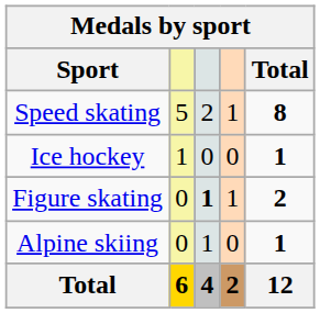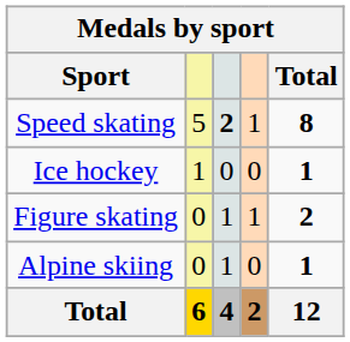 <table class=wikitable style=font-size:85%;float:right;text-align:center>
 <tr>
 <th colspan=5>Medals by sport</th>
 </tr>
 <tr>
 <th>Sport</th>
 <td bgcolor=F7F6A8></td>
 <td bgcolor=DCE5E5></td>
 <td bgcolor=FFDAB9></td>
 <th>Total</th>
 </tr>
 <tr>
 <td><a href='#'>Speed skating</a></td>
 <td bgcolor=F7F6A8>5</td>
-<td bgcolor=DCE5E5>2</td>
+<td bgcolor=DCE5E5><strong>2</strong></td>
 <td bgcolor=FFDAB9>1</td>
 <td><strong>8</strong></td>
 </tr>
 <tr>
 <td><a href='#'>Ice hockey</a></td>
 <td bgcolor=F7F6A8>1</td>
 <td bgcolor=DCE5E5>0</td>
 <td bgcolor=FFDAB9>0</td>
 <td><strong>1</strong></td>
 </tr>
 <tr>
 <td><a href='#'>Figure skating</a></td>
 <td bgcolor=F7F6A8>0</td>
-<td bgcolor=DCE5E5><strong>1</strong></td>
+<td bgcolor=DCE5E5>1</td>
 <td bgcolor=FFDAB9>1</td>
 <td><strong>2</strong></td>
 </tr>
 <tr>
 <td><a href='#'>Alpine skiing</a></td>
 <td bgcolor=F7F6A8>0</td>
 <td bgcolor=DCE5E5>1</td>
 <td bgcolor=FFDAB9>0</td>
 <td><strong>1</strong></td>
 </tr>
 <tr>
 <th>Total</th>
 <th style=background:gold>6</th>
 <th style=background:silver>4</th>
 <th style=background:#c96>2</th>
 <th>12</th>
 </tr>
 </table>
